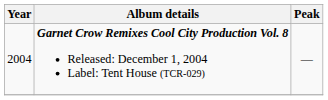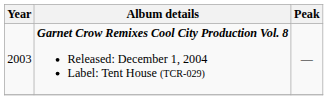 <table class="wikitable">
 <tr>
 <th>Year</th>
 <th>Album details</th>
 <th>Peak</th>
 </tr>
 <tr>
-<td>2004</td>
+<td>2003</td>
 <td><strong><em>Garnet Crow Remixes Cool City Production Vol. 8</em></strong><br><ul><li>Released: December 1, 2004</li><li>Label: Tent House <small>(TCR-029)</small></li></ul></td>
 <td align="center">—</td>
 </tr>
 <tr>
 </tr>
 </table>
